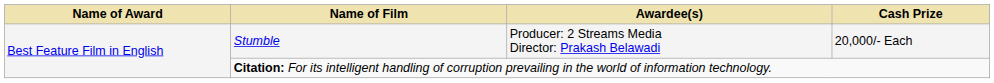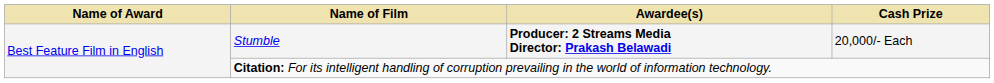 <table class="wikitable" style="width:100%">
 <tr>
 <th style="background-color:#EFE4B0;width:23%;">Name of Award</th>
 <th style="background-color:#EFE4B0;width:28%;">Name of Film</th>
 <th style="background-color:#EFE4B0;width:33%;">Awardee(s)</th>
 <th style="background-color:#EFE4B0;width:16%;">Cash Prize</th>
 </tr>
 <tr style="background-color:#F4F4F4">
 <td rowspan="2"><a href='#'>Best Feature Film in English</a></td>
 <td><em><a href='#'>Stumble</a></em></td>
-<td>Producer: 2 Streams Media<br>Director: <a href='#'>Prakash Belawadi</a></td>
+<td><strong>Producer: 2 Streams Media<br>Director: <a href='#'>Prakash Belawadi</a></strong></td>
 <td> 20,000/- Each</td>
 </tr>
 <tr style="background-color:#F9F9F9">
 <td colspan="3"><strong>Citation:</strong> <em>For its intelligent handling of corruption prevailing in the world of information technology.</em></td>
 </tr>
 </table>
